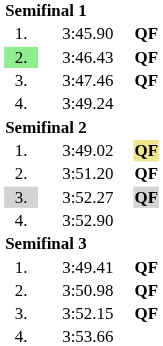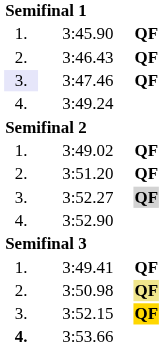 <table style="text-align:center">
 <tr>
 <td colspan=4 align=left><strong>Semifinal 1</strong></td>
 </tr>
 <tr>
 <td width=30>1.</td>
 <td align=left></td>
 <td width=80>3:45.90</td>
 <td><strong>QF</strong></td>
 </tr>
 <tr>
-<td style="background: lightgreen;">2.</td>
+<td>2.</td>
 <td align=left></td>
 <td>3:46.43</td>
 <td><strong>QF</strong></td>
 </tr>
 <tr>
-<td>3.</td>
+<td style="background: lavender;">3.</td>
 <td align=left></td>
 <td>3:47.46</td>
 <td><strong>QF</strong></td>
 </tr>
 <tr>
 <td>4.</td>
 <td align=left></td>
 <td>3:49.24</td>
 <td></td>
 </tr>
 <tr>
 <td colspan=4 align=left><strong>Semifinal 2</strong></td>
 </tr>
 <tr>
 <td>1.</td>
 <td align=left></td>
 <td>3:49.02</td>
-<td style="background: khaki;"><strong>QF</strong></td>
+<td><strong>QF</strong></td>
 </tr>
 <tr>
 <td>2.</td>
 <td align=left></td>
 <td>3:51.20</td>
 <td><strong>QF</strong></td>
 </tr>
 <tr>
-<td style="background: lightgrey;">3.</td>
+<td>3.</td>
 <td align=left></td>
 <td>3:52.27</td>
 <td style="background: lightgrey;"><strong>QF</strong></td>
 </tr>
 <tr>
 <td>4.</td>
 <td align=left></td>
 <td>3:52.90</td>
 <td></td>
 </tr>
 <tr>
 <td colspan=4 align=left><strong>Semifinal 3</strong></td>
 </tr>
 <tr>
 <td>1.</td>
 <td align=left></td>
 <td>3:49.41</td>
 <td><strong>QF</strong></td>
 </tr>
 <tr>
 <td>2.</td>
 <td align=left></td>
 <td>3:50.98</td>
-<td><strong>QF</strong></td>
+<td style="background: khaki;"><strong>QF</strong></td>
 </tr>
 <tr>
 <td>3.</td>
 <td align=left></td>
 <td>3:52.15</td>
-<td><strong>QF</strong></td>
+<td style="background: gold;"><strong>QF</strong></td>
 </tr>
 <tr>
-<td>4.</td>
+<td><strong>4.</strong></td>
 <td align=left></td>
 <td>3:53.66</td>
 <td></td>
 </tr>
 </table>
